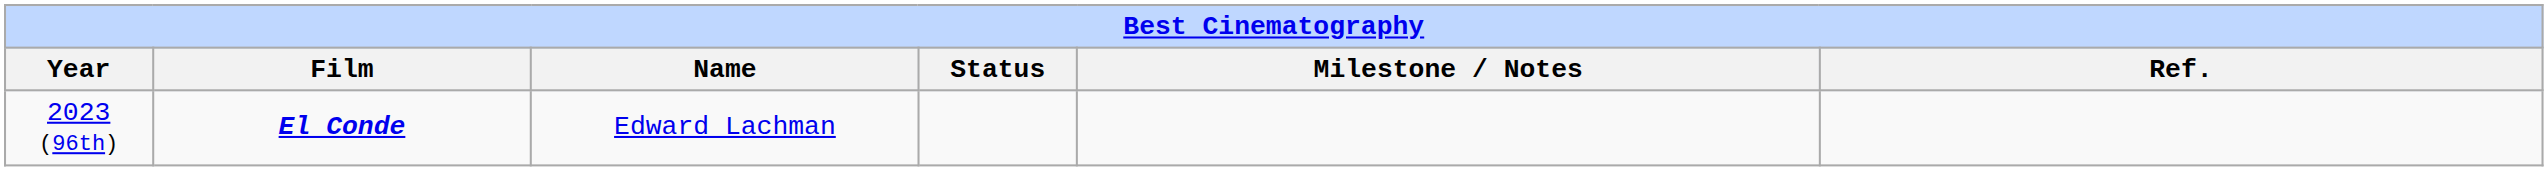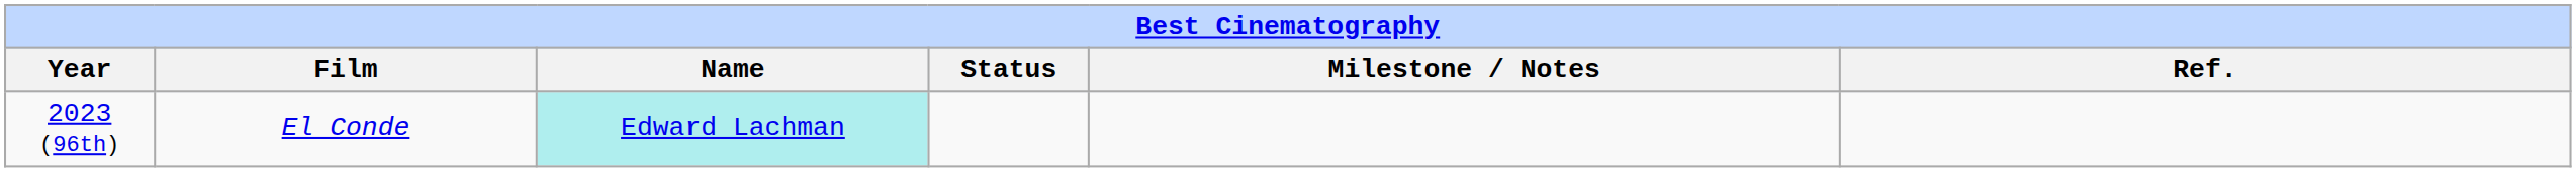 <table class="wikitable" style="text-align: center">
 <tr ---- bgcolor="#bfd7ff">
 <td colspan=6 align=center><strong><a href='#'>Best Cinematography</a></strong></td>
 </tr>
 <tr ---- bgcolor="#ebf5ff">
 <th width="075">Year</th>
 <th width="225">Film</th>
 <th width="225">Name</th>
 <th width="080">Status</th>
 <th width="450">Milestone / Notes</th>
 <th width="450">Ref.</th>
 </tr>
 <tr>
 <td><a href='#'>2023</a><br><small>(<a href='#'>96th</a>)</small></td>
-<td><strong><em><a href='#'>El Conde</a></em></strong></td>
-<td><a href='#'>Edward Lachman</a></td>
+<td><em><a href='#'>El Conde</a></em></td>
+<td style="background: paleturquoise;"><a href='#'>Edward Lachman</a></td>
 <td></td>
 <td></td>
 <td></td>
 </tr>
 </table>
